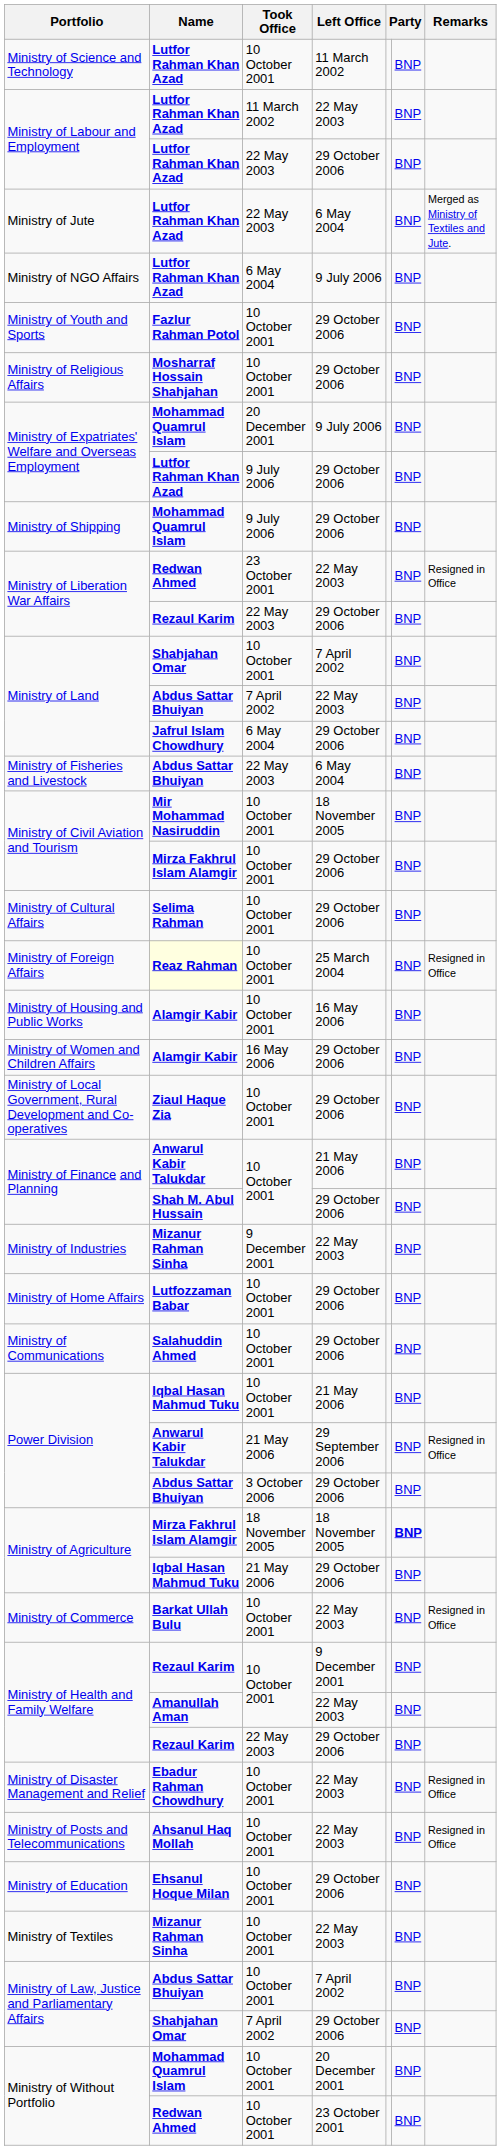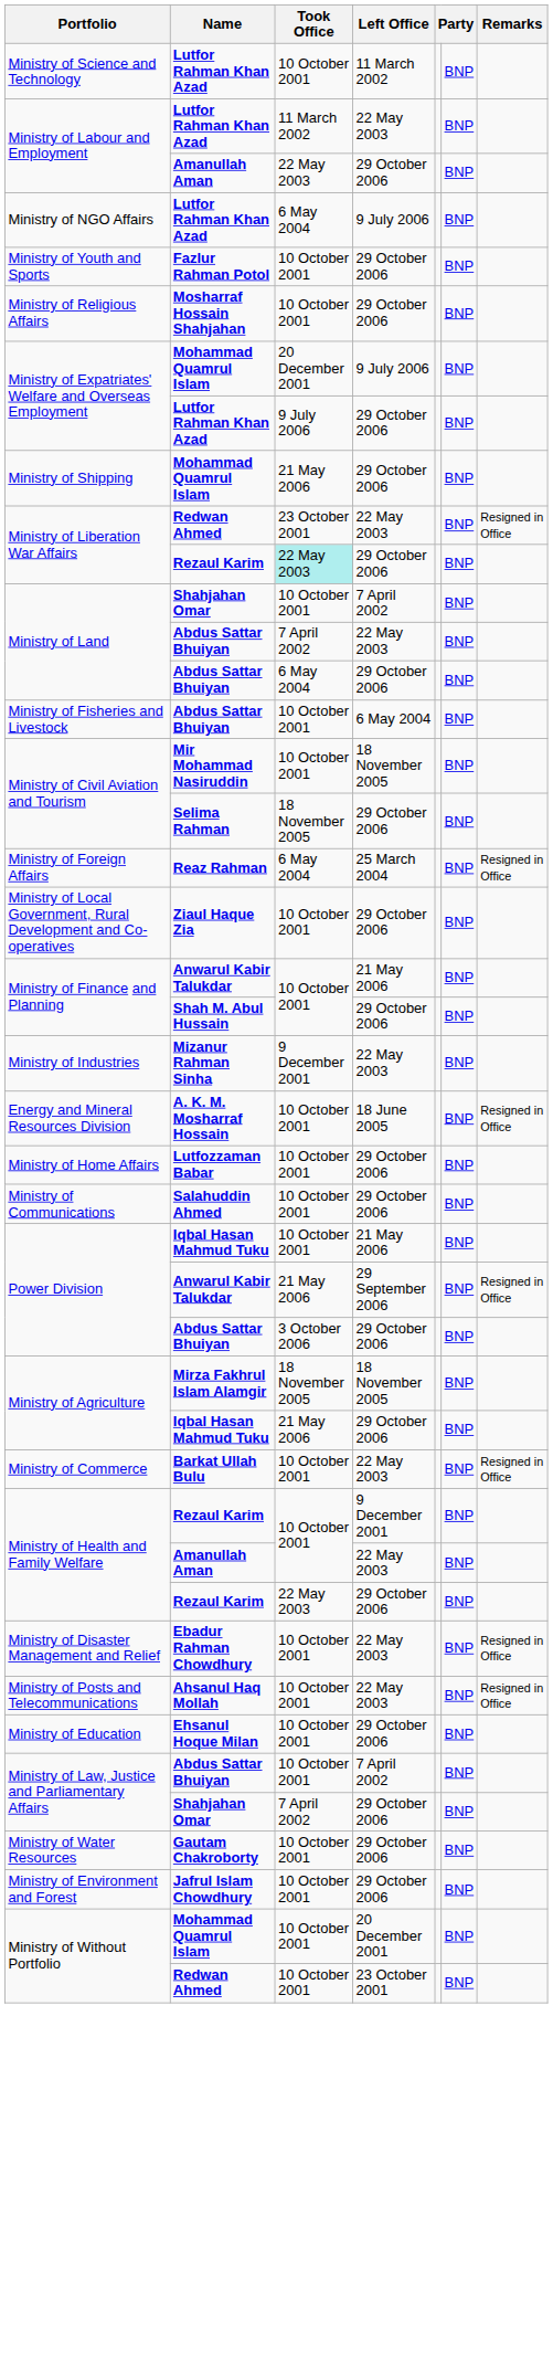 <table class="wikitable sortable">
 <tr>
 <th>Portfolio</th>
 <th>Name</th>
 <th>Took Office</th>
 <th>Left Office</th>
 <th colspan="2">Party</th>
 <th>Remarks</th>
 </tr>
 <tr>
 <td><a href='#'>Ministry of Science and Technology</a></td>
 <td><strong><a href='#'>Lutfor Rahman Khan Azad</a></strong></td>
 <td>10 October 2001</td>
 <td>11 March 2002</td>
 <td style="background-color:"></td>
 <td><a href='#'>BNP</a></td>
 <td></td>
 </tr>
 <tr>
 <td rowspan="2"><a href='#'>Ministry of Labour and Employment</a></td>
 <td><strong><a href='#'>Lutfor Rahman Khan Azad</a></strong></td>
 <td>11 March 2002</td>
 <td>22 May 2003</td>
 <td style="background-color:"></td>
 <td><a href='#'>BNP</a></td>
 <td></td>
 </tr>
 <tr>
-<td><strong><a href='#'>Lutfor Rahman Khan Azad</a></strong></td>
+<td><strong><a href='#'>Amanullah Aman</a></strong></td>
 <td>22 May 2003</td>
 <td>29 October 2006</td>
 <td style="background-color:"></td>
 <td><a href='#'>BNP</a></td>
 <td></td>
-</tr>
-<tr>
-<td>Ministry of Jute</td>
-<td><strong><a href='#'>Lutfor Rahman Khan Azad</a></strong></td>
-<td>22 May 2003</td>
-<td>6 May 2004</td>
-<td style="background-color:"></td>
-<td><a href='#'>BNP</a></td>
-<td><small>Merged as <a href='#'>Ministry of Textiles and Jute</a>.</small></td>
 </tr>
 <tr>
 <td>Ministry of NGO Affairs</td>
 <td><strong><a href='#'>Lutfor Rahman Khan Azad</a></strong></td>
 <td>6 May 2004</td>
 <td>9 July 2006</td>
 <td style="background-color:"></td>
 <td><a href='#'>BNP</a></td>
 <td></td>
 </tr>
 <tr>
 <td><a href='#'>Ministry of Youth and Sports</a></td>
 <td><strong><a href='#'>Fazlur Rahman Potol</a></strong></td>
 <td>10 October 2001</td>
 <td>29 October 2006</td>
 <td style="background-color:"></td>
 <td><a href='#'>BNP</a></td>
 <td></td>
 </tr>
 <tr>
 <td><a href='#'>Ministry of Religious Affairs</a></td>
 <td><strong><a href='#'>Mosharraf Hossain Shahjahan</a></strong></td>
 <td>10 October 2001</td>
 <td>29 October 2006</td>
 <td style="background-color:"></td>
 <td><a href='#'>BNP</a></td>
 <td></td>
 </tr>
 <tr>
 <td rowspan="2"><a href='#'>Ministry of Expatriates' Welfare and Overseas Employment</a></td>
 <td><strong><a href='#'>Mohammad Quamrul Islam</a></strong></td>
 <td>20 December 2001</td>
 <td>9 July 2006</td>
 <td style="background-color:"></td>
 <td><a href='#'>BNP</a></td>
 <td></td>
 </tr>
 <tr>
 <td><strong><a href='#'>Lutfor Rahman Khan Azad</a></strong></td>
 <td>9 July 2006</td>
 <td>29 October 2006</td>
 <td style="background-color:"></td>
 <td><a href='#'>BNP</a></td>
 <td></td>
 </tr>
 <tr>
 <td><a href='#'>Ministry of Shipping</a></td>
 <td><strong><a href='#'>Mohammad Quamrul Islam</a></strong></td>
-<td>9 July 2006</td>
+<td>21 May 2006</td>
 <td>29 October 2006</td>
 <td style="background-color:"></td>
 <td><a href='#'>BNP</a></td>
 <td></td>
 </tr>
 <tr>
 <td rowspan="2"><a href='#'>Ministry of Liberation War Affairs</a></td>
 <td><strong><a href='#'>Redwan Ahmed</a></strong></td>
 <td>23 October 2001</td>
 <td>22 May 2003</td>
 <td style="background-color:"></td>
 <td><a href='#'>BNP</a></td>
 <td><small>Resigned in Office</small></td>
 </tr>
 <tr>
 <td><a href='#'><strong>Rezaul Karim</strong></a></td>
-<td>22 May 2003</td>
+<td style="background: paleturquoise;">22 May 2003</td>
 <td>29 October 2006</td>
 <td style="background-color:"></td>
 <td><a href='#'>BNP</a></td>
 <td></td>
 </tr>
 <tr>
 <td rowspan="3"><a href='#'>Ministry of Land</a></td>
 <td><strong><a href='#'>Shahjahan Omar</a></strong></td>
 <td>10 October 2001</td>
 <td>7 April 2002</td>
 <td style="background-color:"></td>
 <td><a href='#'>BNP</a></td>
 <td></td>
 </tr>
 <tr>
 <td><strong><a href='#'>Abdus Sattar Bhuiyan</a></strong></td>
 <td>7 April 2002</td>
 <td>22 May 2003</td>
 <td style="background-color:"></td>
 <td><a href='#'>BNP</a></td>
 <td></td>
 </tr>
 <tr>
-<td><strong><a href='#'>Jafrul Islam Chowdhury</a></strong></td>
+<td><strong><a href='#'>Abdus Sattar Bhuiyan</a></strong></td>
 <td>6 May 2004</td>
 <td>29 October 2006</td>
 <td style="background-color:"></td>
 <td><a href='#'>BNP</a></td>
 <td></td>
 </tr>
 <tr>
 <td><a href='#'>Ministry of Fisheries and Livestock</a></td>
 <td><strong><a href='#'>Abdus Sattar Bhuiyan</a></strong></td>
-<td>22 May 2003</td>
+<td>10 October 2001</td>
 <td>6 May 2004</td>
 <td style="background-color:"></td>
 <td><a href='#'>BNP</a></td>
 <td></td>
 </tr>
 <tr>
 <td rowspan="2"><a href='#'>Ministry of Civil Aviation and Tourism</a></td>
 <td><strong><a href='#'>Mir Mohammad Nasiruddin</a></strong></td>
 <td>10 October 2001</td>
 <td>18 November 2005</td>
 <td style="background-color:"></td>
 <td><a href='#'>BNP</a></td>
 <td></td>
 </tr>
 <tr>
-<td><strong><a href='#'>Mirza Fakhrul Islam Alamgir</a></strong></td>
-<td>10 October 2001</td>
-<td>29 October 2006</td>
-<td style="background-color:"></td>
-<td><a href='#'>BNP</a></td>
-<td></td>
-</tr>
-<tr>
-<td><a href='#'>Ministry of Cultural Affairs</a></td>
 <td><strong><a href='#'>Selima Rahman</a></strong></td>
-<td>10 October 2001</td>
+<td>18 November 2005</td>
 <td>29 October 2006</td>
 <td style="background-color:"></td>
 <td><a href='#'>BNP</a></td>
 <td></td>
 </tr>
 <tr>
 <td><a href='#'>Ministry of Foreign Affairs</a></td>
-<td style="background: lightyellow;"><strong><a href='#'>Reaz Rahman</a></strong></td>
-<td>10 October 2001</td>
+<td><strong><a href='#'>Reaz Rahman</a></strong></td>
+<td>6 May 2004</td>
 <td>25 March 2004</td>
 <td style="background-color:"></td>
 <td><a href='#'>BNP</a></td>
 <td><small>Resigned in Office</small></td>
-</tr>
-<tr>
-<td><a href='#'>Ministry of Housing and Public Works</a></td>
-<td><a href='#'><strong>Alamgir Kabir</strong></a></td>
-<td>10 October 2001</td>
-<td>16 May 2006</td>
-<td style="background-color:"></td>
-<td><a href='#'>BNP</a></td>
-<td></td>
-</tr>
-<tr>
-<td><a href='#'>Ministry of Women and Children Affairs</a></td>
-<td><a href='#'><strong>Alamgir Kabir</strong></a></td>
-<td>16 May 2006</td>
-<td>29 October 2006</td>
-<td style="background-color:"></td>
-<td><a href='#'>BNP</a></td>
-<td></td>
 </tr>
 <tr>
 <td><a href='#'>Ministry of Local Government, Rural Development and Co-operatives</a></td>
 <td><strong><a href='#'>Ziaul Haque Zia</a></strong></td>
 <td>10 October 2001</td>
 <td>29 October 2006</td>
 <td style="background-color:"></td>
 <td><a href='#'>BNP</a></td>
 <td></td>
 </tr>
 <tr>
 <td rowspan="2"><a href='#'>Ministry of Finance</a> <a href='#'>and Planning</a></td>
 <td><strong><a href='#'>Anwarul Kabir Talukdar</a></strong></td>
 <td rowspan="2">10 October 2001</td>
 <td>21 May 2006</td>
 <td style="background-color:"></td>
 <td><a href='#'>BNP</a></td>
 <td></td>
 </tr>
 <tr>
 <td><strong><a href='#'>Shah M. Abul Hussain</a></strong></td>
 <td>29 October 2006</td>
 <td style="background-color:"></td>
 <td><a href='#'>BNP</a></td>
 <td></td>
 </tr>
 <tr>
 <td><a href='#'>Ministry of Industries</a></td>
 <td><strong><a href='#'>Mizanur Rahman Sinha</a></strong></td>
 <td>9 December 2001</td>
 <td>22 May 2003</td>
 <td style="background-color:"></td>
 <td><a href='#'>BNP</a></td>
 <td></td>
+</tr>
+<tr>
+<td><a href='#'>Energy and Mineral Resources Division</a></td>
+<td><strong><a href='#'>A. K. M. Mosharraf Hossain</a></strong></td>
+<td>10 October 2001</td>
+<td>18 June 2005</td>
+<td style="background-color:"></td>
+<td><a href='#'>BNP</a></td>
+<td><small>Resigned in Office</small></td>
 </tr>
 <tr>
 <td><a href='#'>Ministry of Home Affairs</a></td>
 <td><strong><a href='#'>Lutfozzaman Babar</a></strong></td>
 <td>10 October 2001</td>
 <td>29 October 2006</td>
 <td style="background-color:"></td>
 <td><a href='#'>BNP</a></td>
 <td></td>
 </tr>
 <tr>
 <td><a href='#'>Ministry of Communications</a></td>
 <td><a href='#'><strong>Salahuddin Ahmed</strong></a></td>
 <td>10 October 2001</td>
 <td>29 October 2006</td>
 <td style="background-color:"></td>
 <td><a href='#'>BNP</a></td>
 <td></td>
 </tr>
 <tr>
 <td rowspan="3"><a href='#'>Power Division</a></td>
 <td><strong><a href='#'>Iqbal Hasan Mahmud Tuku</a></strong></td>
 <td>10 October 2001</td>
 <td>21 May 2006</td>
 <td style="background-color:"></td>
 <td><a href='#'>BNP</a></td>
 <td></td>
 </tr>
 <tr>
 <td><strong><a href='#'>Anwarul Kabir Talukdar</a></strong></td>
 <td>21 May 2006</td>
 <td>29 September 2006</td>
 <td style="background-color:"></td>
 <td><a href='#'>BNP</a></td>
 <td><small>Resigned in Office</small></td>
 </tr>
 <tr>
 <td><strong><a href='#'>Abdus Sattar Bhuiyan</a></strong></td>
 <td>3 October 2006</td>
 <td>29 October 2006</td>
 <td style="background-color:"></td>
 <td><a href='#'>BNP</a></td>
 <td></td>
 </tr>
 <tr>
 <td rowspan="2"><a href='#'>Ministry of Agriculture</a></td>
 <td><strong><a href='#'>Mirza Fakhrul Islam Alamgir</a></strong></td>
 <td>18 November 2005</td>
 <td>18 November 2005</td>
 <td style="background-color:"></td>
-<td><strong><a href='#'>BNP</a></strong></td>
+<td><a href='#'>BNP</a></td>
 <td></td>
 </tr>
 <tr>
 <td><strong><a href='#'>Iqbal Hasan Mahmud Tuku</a></strong></td>
 <td>21 May 2006</td>
 <td>29 October 2006</td>
 <td style="background-color:"></td>
 <td><a href='#'>BNP</a></td>
 <td></td>
 </tr>
 <tr>
 <td><a href='#'>Ministry of Commerce</a></td>
 <td><strong><a href='#'>Barkat Ullah Bulu</a></strong></td>
 <td>10 October 2001</td>
 <td>22 May 2003</td>
 <td style="background-color:"></td>
 <td><a href='#'>BNP</a></td>
 <td><small>Resigned in Office</small></td>
 </tr>
 <tr>
 <td rowspan="3"><a href='#'>Ministry of Health and Family Welfare</a></td>
 <td><a href='#'><strong>Rezaul Karim</strong></a></td>
 <td rowspan="2">10 October 2001</td>
 <td>9 December 2001</td>
 <td style="background-color:"></td>
 <td><a href='#'>BNP</a></td>
 <td></td>
 </tr>
 <tr>
 <td><strong><a href='#'>Amanullah Aman</a></strong></td>
 <td>22 May 2003</td>
 <td style="background-color:"></td>
 <td><a href='#'>BNP</a></td>
 <td></td>
 </tr>
 <tr>
 <td><a href='#'><strong>Rezaul Karim</strong></a></td>
 <td>22 May 2003</td>
 <td>29 October 2006</td>
 <td style="background-color:"></td>
 <td><a href='#'>BNP</a></td>
 <td></td>
 </tr>
 <tr>
 <td><a href='#'>Ministry of Disaster Management and Relief</a></td>
 <td><strong><a href='#'>Ebadur Rahman Chowdhury</a></strong></td>
 <td>10 October 2001</td>
 <td>22 May 2003</td>
 <td style="background-color:"></td>
 <td><a href='#'>BNP</a></td>
 <td><small>Resigned in Office</small></td>
 </tr>
 <tr>
 <td><a href='#'>Ministry of Posts and Telecommunications</a></td>
 <td><strong><a href='#'>Ahsanul Haq Mollah</a></strong></td>
 <td>10 October 2001</td>
 <td>22 May 2003</td>
 <td style="background-color:"></td>
 <td><a href='#'>BNP</a></td>
 <td><small>Resigned in Office</small></td>
 </tr>
 <tr>
 <td><a href='#'>Ministry of Education</a></td>
 <td><a href='#'><strong>Ehsanul Hoque Milan</strong></a></td>
 <td>10 October 2001</td>
 <td>29 October 2006</td>
 <td style="background-color:"></td>
 <td><a href='#'>BNP</a></td>
 <td></td>
 </tr>
 <tr>
-<td>Ministry of Textiles</td>
-<td><strong><a href='#'>Mizanur Rahman Sinha</a></strong></td>
-<td>10 October 2001</td>
-<td>22 May 2003</td>
-<td style="background-color:"></td>
-<td><a href='#'>BNP</a></td>
-<td></td>
-</tr>
-<tr>
 <td rowspan="2"><a href='#'>Ministry of Law, Justice and Parliamentary Affairs</a></td>
 <td><strong><a href='#'>Abdus Sattar Bhuiyan</a></strong></td>
 <td>10 October 2001</td>
 <td>7 April 2002</td>
 <td style="background-color:"></td>
 <td><a href='#'>BNP</a></td>
 <td></td>
 </tr>
 <tr>
 <td><strong><a href='#'>Shahjahan Omar</a></strong></td>
 <td>7 April 2002</td>
+<td>29 October 2006</td>
+<td style="background-color:"></td>
+<td><a href='#'>BNP</a></td>
+<td></td>
+</tr>
+<tr>
+<td><a href='#'>Ministry of Water Resources</a></td>
+<td><strong><a href='#'>Gautam Chakroborty</a></strong></td>
+<td>10 October 2001</td>
+<td>29 October 2006</td>
+<td style="background-color:"></td>
+<td><a href='#'>BNP</a></td>
+<td></td>
+</tr>
+<tr>
+<td><a href='#'>Ministry of Environment and Forest</a></td>
+<td><strong><a href='#'>Jafrul Islam Chowdhury</a></strong></td>
+<td>10 October 2001</td>
 <td>29 October 2006</td>
 <td style="background-color:"></td>
 <td><a href='#'>BNP</a></td>
 <td></td>
 </tr>
 <tr>
 <td rowspan="2">Ministry of Without Portfolio</td>
 <td><strong><a href='#'>Mohammad Quamrul Islam</a></strong></td>
 <td>10 October 2001</td>
 <td>20 December 2001</td>
 <td style="background-color:"></td>
 <td><a href='#'>BNP</a></td>
 <td></td>
 </tr>
 <tr>
 <td><strong><a href='#'>Redwan Ahmed</a></strong></td>
 <td>10 October 2001</td>
 <td>23 October 2001</td>
 <td style="background-color:"></td>
 <td><a href='#'>BNP</a></td>
 <td></td>
 </tr>
 </table>
